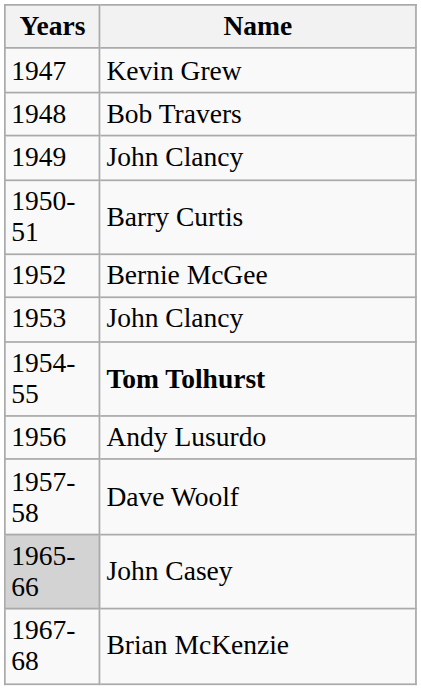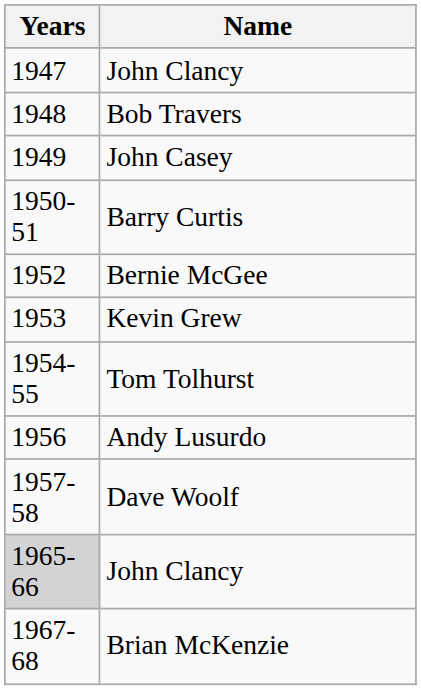 <table class="wikitable">
 <tr>
 <th scope="col" style="width:3em;">Years</th>
 <th scope="col" style="width:11em;">Name</th>
 </tr>
 <tr>
 <td>1947</td>
-<td>Kevin Grew</td>
+<td>John Clancy</td>
 </tr>
 <tr>
 <td>1948</td>
 <td>Bob Travers</td>
 </tr>
 <tr>
 <td>1949</td>
-<td>John Clancy</td>
+<td>John Casey</td>
 </tr>
 <tr>
 <td>1950-51</td>
 <td>Barry Curtis</td>
 </tr>
 <tr>
 <td>1952</td>
 <td>Bernie McGee</td>
 </tr>
 <tr>
 <td>1953</td>
-<td>John Clancy</td>
+<td>Kevin Grew</td>
 </tr>
 <tr>
 <td>1954-55</td>
-<td><strong>Tom Tolhurst</strong></td>
+<td>Tom Tolhurst</td>
 </tr>
 <tr>
 <td>1956</td>
 <td>Andy Lusurdo</td>
 </tr>
 <tr>
 <td>1957-58</td>
 <td>Dave Woolf</td>
 </tr>
 <tr>
 <td style="background: lightgrey;">1965-66</td>
-<td>John Casey</td>
+<td>John Clancy</td>
 </tr>
 <tr>
 <td>1967-68</td>
 <td>Brian McKenzie</td>
 </tr>
 </table>
